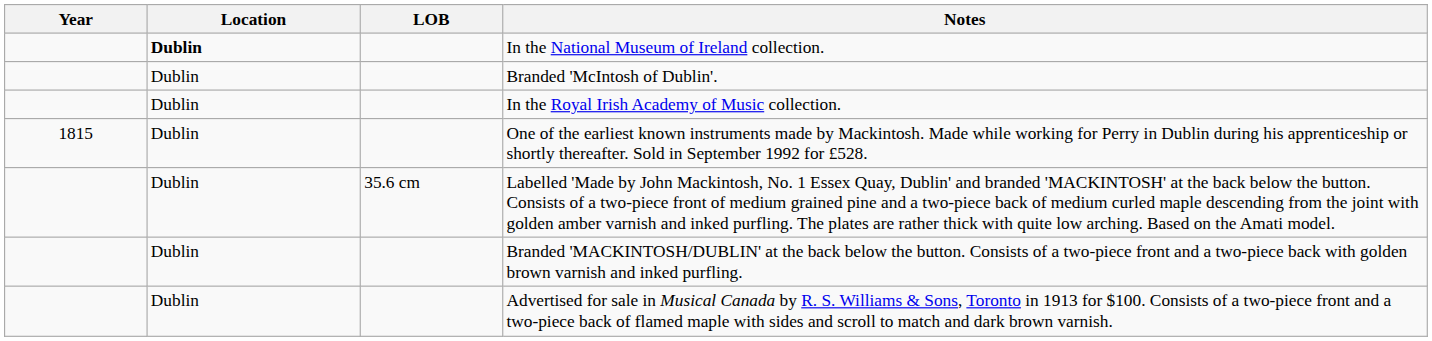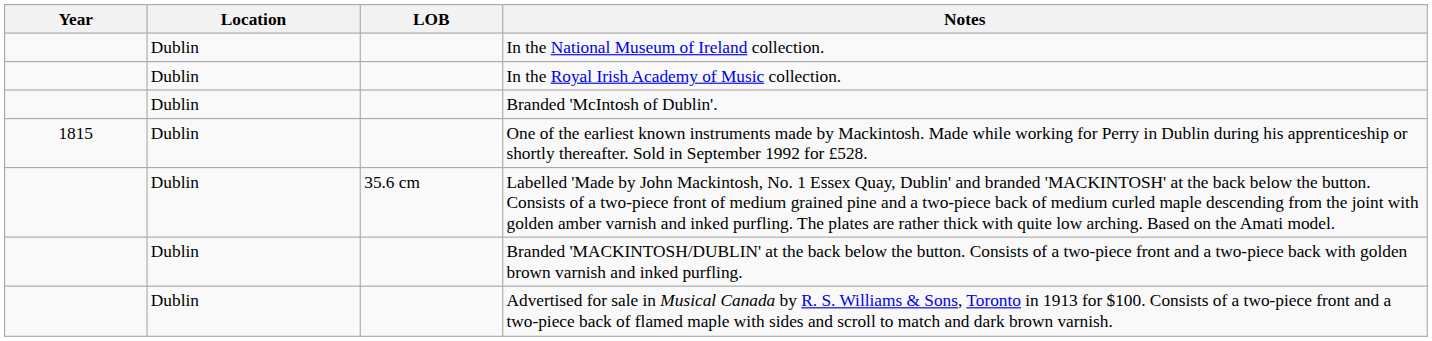 <table class="sortable wikitable" style="margins:auto; width=95%; font-size: 95%;">
 <tr>
 <th width="10%">Year</th>
 <th width="15%">Location</th>
 <th width="10%">LOB</th>
 <th width="65%">Notes</th>
 </tr>
 <tr valign="top">
 <td align=center></td>
-<td><strong>Dublin</strong></td>
+<td>Dublin</td>
 <td></td>
 <td>In the <a href='#'>National Museum of Ireland</a> collection.</td>
 </tr>
 <tr valign="top">
 <td align=center></td>
 <td>Dublin</td>
 <td></td>
-<td>Branded 'McIntosh of Dublin'.</td>
+<td>In the <a href='#'>Royal Irish Academy of Music</a> collection.</td>
 </tr>
 <tr valign="top">
 <td align=center></td>
 <td>Dublin</td>
 <td></td>
-<td>In the <a href='#'>Royal Irish Academy of Music</a> collection.</td>
+<td>Branded 'McIntosh of Dublin'.</td>
 </tr>
 <tr valign="top">
 <td align=center>1815</td>
 <td>Dublin</td>
 <td></td>
 <td>One of the earliest known instruments made by Mackintosh. Made while working for Perry in Dublin during his apprenticeship or shortly thereafter. Sold in September 1992 for £528.</td>
 </tr>
 <tr valign="top">
 <td align=center></td>
 <td>Dublin</td>
 <td>35.6 cm</td>
 <td>Labelled 'Made by John Mackintosh, No. 1 Essex Quay, Dublin' and branded 'MACKINTOSH' at the back below the button. Consists of a two-piece front of medium grained pine and a two-piece back of medium curled maple descending from the joint with golden amber varnish and inked purfling. The plates are rather thick with quite low arching. Based on the Amati model.</td>
 </tr>
 <tr valign="top">
 <td align=center></td>
 <td>Dublin</td>
 <td></td>
 <td>Branded 'MACKINTOSH/DUBLIN' at the back below the button. Consists of a two-piece front and a two-piece back with golden brown varnish and inked purfling.</td>
 </tr>
 <tr valign="top">
 <td align=center></td>
 <td>Dublin</td>
 <td></td>
 <td>Advertised for sale in <em>Musical Canada</em> by <a href='#'>R. S. Williams & Sons</a>, <a href='#'>Toronto</a> in 1913 for $100. Consists of a two-piece front and a two-piece back of flamed  maple with sides and scroll to match and dark brown varnish.</td>
 </tr>
 </table>
